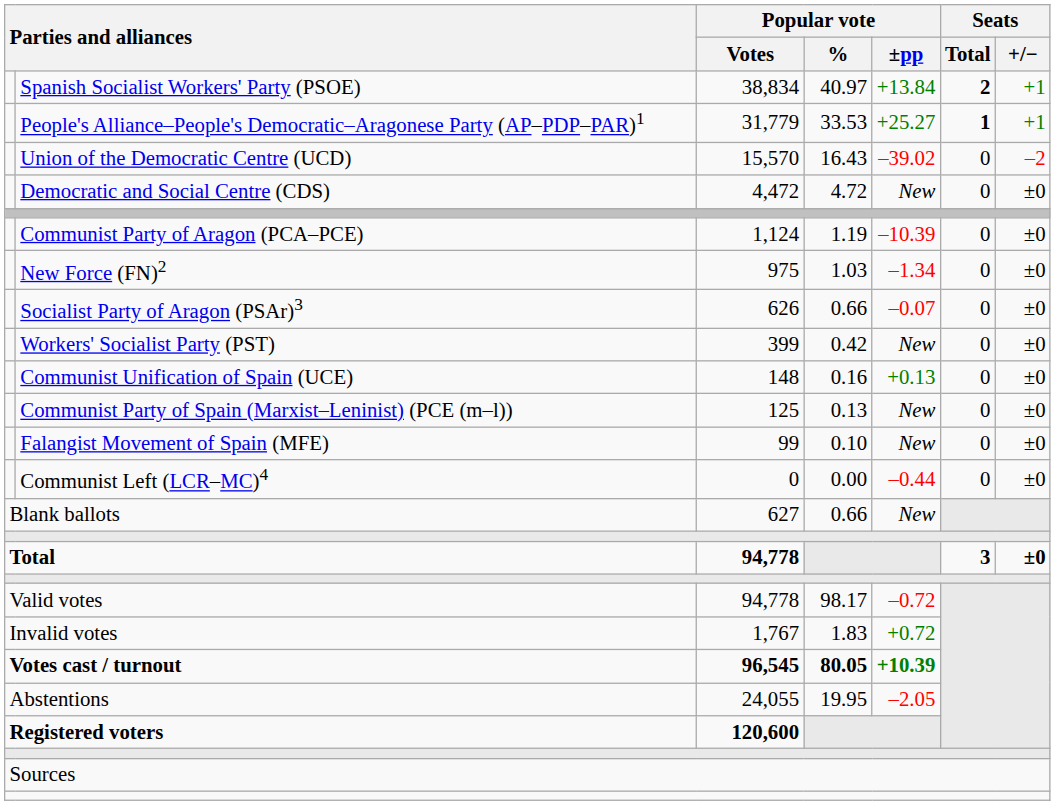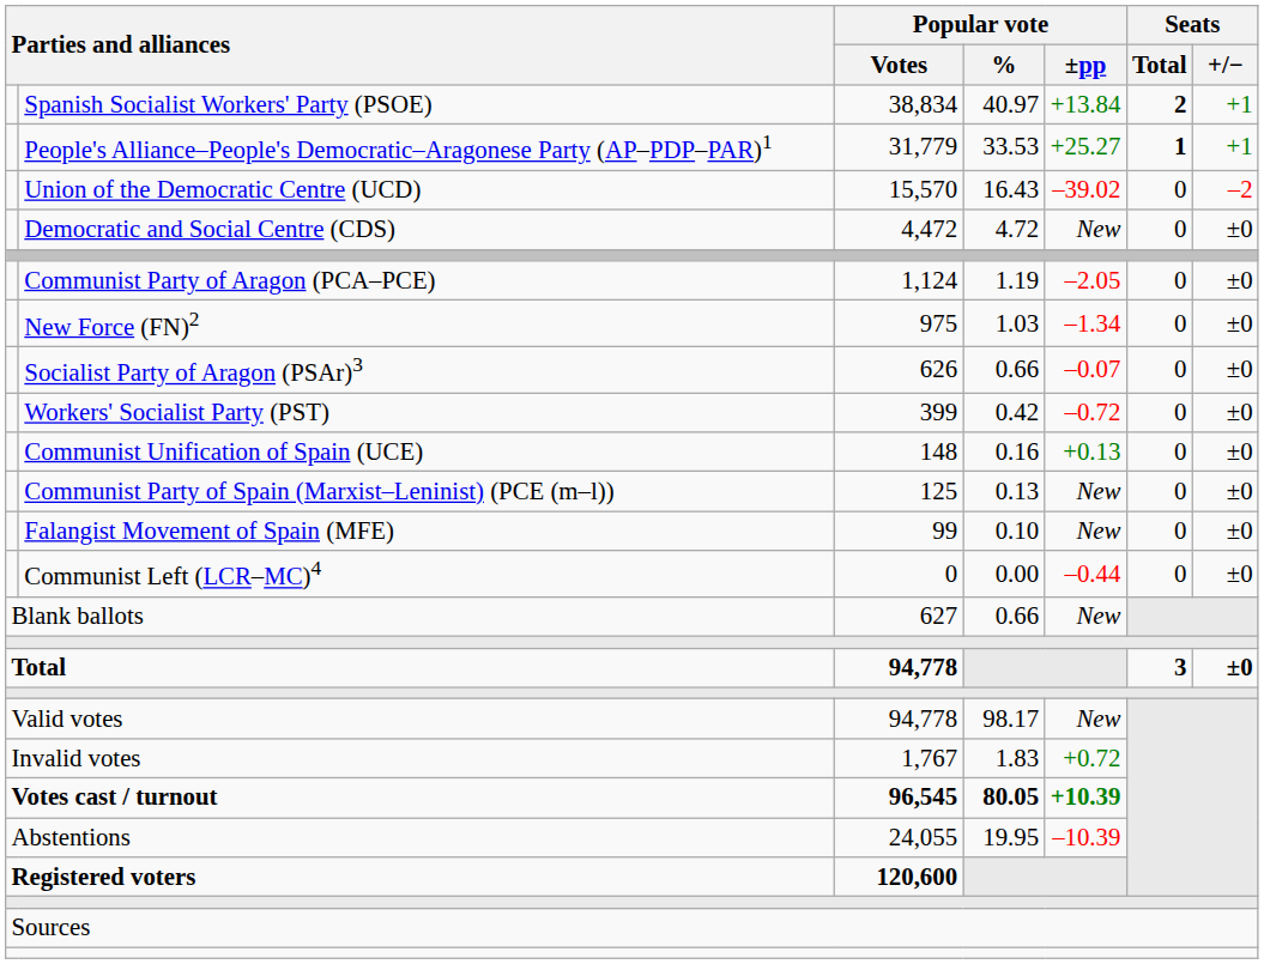 <table class="wikitable" style="text-align:right;">
 <tr>
 <th style="text-align:left;" rowspan="2" colspan="2" width="525">Parties and alliances</th>
 <th colspan="3">Popular vote</th>
 <th colspan="2">Seats</th>
 </tr>
 <tr>
 <th width="75">Votes</th>
 <th width="45">%</th>
 <th width="45">±<a href='#'>pp</a></th>
 <th width="35">Total</th>
 <th width="35">+/−</th>
 </tr>
 <tr>
 <td width="1" style="color:inherit;background:"></td>
 <td align="left"><a href='#'>Spanish Socialist Workers' Party</a> (PSOE)</td>
 <td>38,834</td>
 <td>40.97</td>
 <td style="color:green;">+13.84</td>
 <td><strong>2</strong></td>
 <td style="color:green;">+1</td>
 </tr>
 <tr>
 <td style="color:inherit;background:"></td>
 <td align="left"><a href='#'>People's Alliance–People's Democratic–Aragonese Party</a> (<a href='#'>AP</a>–<a href='#'>PDP</a>–<a href='#'>PAR</a>)<sup>1</sup></td>
 <td>31,779</td>
 <td>33.53</td>
 <td style="color:green;">+25.27</td>
 <td><strong>1</strong></td>
 <td style="color:green;">+1</td>
 </tr>
 <tr>
 <td style="color:inherit;background:"></td>
 <td align="left"><a href='#'>Union of the Democratic Centre</a> (UCD)</td>
 <td>15,570</td>
 <td>16.43</td>
 <td style="color:red;">–39.02</td>
 <td>0</td>
 <td style="color:red;">–2</td>
 </tr>
 <tr>
 <td style="color:inherit;background:"></td>
 <td align="left"><a href='#'>Democratic and Social Centre</a> (CDS)</td>
 <td>4,472</td>
 <td>4.72</td>
 <td><em>New</em></td>
 <td>0</td>
 <td>±0</td>
 </tr>
 <tr>
 <td colspan="7" bgcolor="#C0C0C0"></td>
 </tr>
 <tr>
 <td style="color:inherit;background:"></td>
 <td align="left"><a href='#'>Communist Party of Aragon</a> (PCA–PCE)</td>
 <td>1,124</td>
 <td>1.19</td>
-<td style="color:red;">–10.39</td>
+<td style="color:red;">–2.05</td>
 <td>0</td>
 <td>±0</td>
 </tr>
 <tr>
 <td style="color:inherit;background:"></td>
 <td align="left"><a href='#'>New Force</a> (FN)<sup>2</sup></td>
 <td>975</td>
 <td>1.03</td>
 <td style="color:red;">–1.34</td>
 <td>0</td>
 <td>±0</td>
 </tr>
 <tr>
 <td style="color:inherit;background:"></td>
 <td align="left"><a href='#'>Socialist Party of Aragon</a> (PSAr)<sup>3</sup></td>
 <td>626</td>
 <td>0.66</td>
 <td style="color:red;">–0.07</td>
 <td>0</td>
 <td>±0</td>
 </tr>
 <tr>
 <td style="color:inherit;background:"></td>
 <td align="left"><a href='#'>Workers' Socialist Party</a> (PST)</td>
 <td>399</td>
 <td>0.42</td>
-<td><em>New</em></td>
+<td style="color:red;">–0.72</td>
 <td>0</td>
 <td>±0</td>
 </tr>
 <tr>
 <td style="color:inherit;background:"></td>
 <td align="left"><a href='#'>Communist Unification of Spain</a> (UCE)</td>
 <td>148</td>
 <td>0.16</td>
 <td style="color:green;">+0.13</td>
 <td>0</td>
 <td>±0</td>
 </tr>
 <tr>
 <td style="color:inherit;background:"></td>
 <td align="left"><a href='#'>Communist Party of Spain (Marxist–Leninist)</a> (PCE (m–l))</td>
 <td>125</td>
 <td>0.13</td>
 <td><em>New</em></td>
 <td>0</td>
 <td>±0</td>
 </tr>
 <tr>
 <td style="color:inherit;background:"></td>
 <td align="left"><a href='#'>Falangist Movement of Spain</a> (MFE)</td>
 <td>99</td>
 <td>0.10</td>
 <td><em>New</em></td>
 <td>0</td>
 <td>±0</td>
 </tr>
 <tr>
 <td style="color:inherit;background:"></td>
 <td align="left">Communist Left (<a href='#'>LCR</a>–<a href='#'>MC</a>)<sup>4</sup></td>
 <td>0</td>
 <td>0.00</td>
 <td style="color:red;">–0.44</td>
 <td>0</td>
 <td>±0</td>
 </tr>
 <tr>
 <td align="left" colspan="2">Blank ballots</td>
 <td>627</td>
 <td>0.66</td>
 <td><em>New</em></td>
 <td bgcolor="#E9E9E9" colspan="2"></td>
 </tr>
 <tr>
 <td colspan="7" bgcolor="#E9E9E9"></td>
 </tr>
 <tr style="font-weight:bold;">
 <td align="left" colspan="2">Total</td>
 <td>94,778</td>
 <td bgcolor="#E9E9E9" colspan="2"></td>
 <td>3</td>
 <td>±0</td>
 </tr>
 <tr>
 <td colspan="7" bgcolor="#E9E9E9"></td>
 </tr>
 <tr>
 <td align="left" colspan="2">Valid votes</td>
 <td>94,778</td>
 <td>98.17</td>
-<td style="color:red;">–0.72</td>
+<td><em>New</em></td>
 <td bgcolor="#E9E9E9" colspan="2" rowspan="5"></td>
 </tr>
 <tr>
 <td align="left" colspan="2">Invalid votes</td>
 <td>1,767</td>
 <td>1.83</td>
 <td style="color:green;">+0.72</td>
 </tr>
 <tr style="font-weight:bold;">
 <td align="left" colspan="2">Votes cast / turnout</td>
 <td>96,545</td>
 <td>80.05</td>
 <td style="color:green;">+10.39</td>
 </tr>
 <tr>
 <td align="left" colspan="2">Abstentions</td>
 <td>24,055</td>
 <td>19.95</td>
-<td style="color:red;">–2.05</td>
+<td style="color:red;">–10.39</td>
 </tr>
 <tr style="font-weight:bold;">
 <td align="left" colspan="2">Registered voters</td>
 <td>120,600</td>
 <td bgcolor="#E9E9E9" colspan="2"></td>
 </tr>
 <tr>
 <td colspan="7" bgcolor="#E9E9E9"></td>
 </tr>
 <tr>
 <td align="left" colspan="7">Sources</td>
 </tr>
 <tr>
 <td colspan="7" style="text-align:left; max-width:790px;"></td>
 </tr>
 </table>
